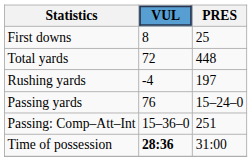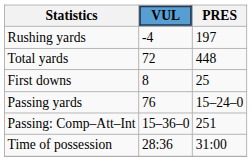 <table class="wikitable" style="float: left;">
 <tr>
 <th>Statistics</th>
 <th style="background-color:#579FD3;color:#000000;box-shadow: inset 2px 2px 0 #2A344E, inset -2px -2px 0 #2A344E">VUL</th>
 <th>PRES</th>
 </tr>
 <tr>
-<td>First downs</td>
-<td>8</td>
-<td>25</td>
+<td>Rushing yards</td>
+<td>-4</td>
+<td>197</td>
 </tr>
 <tr>
 <td>Total yards</td>
 <td>72</td>
 <td>448</td>
 </tr>
 <tr>
-<td>Rushing yards</td>
-<td>-4</td>
-<td>197</td>
+<td>First downs</td>
+<td>8</td>
+<td>25</td>
 </tr>
 <tr>
 <td>Passing yards</td>
 <td>76</td>
 <td>15–24–0</td>
 </tr>
 <tr>
 <td>Passing: Comp–Att–Int</td>
 <td>15–36–0</td>
 <td>251</td>
 </tr>
 <tr>
 <td>Time of possession</td>
-<td><strong>28:36</strong></td>
+<td>28:36</td>
 <td>31:00</td>
 </tr>
 <tr>
 </tr>
 </table>
